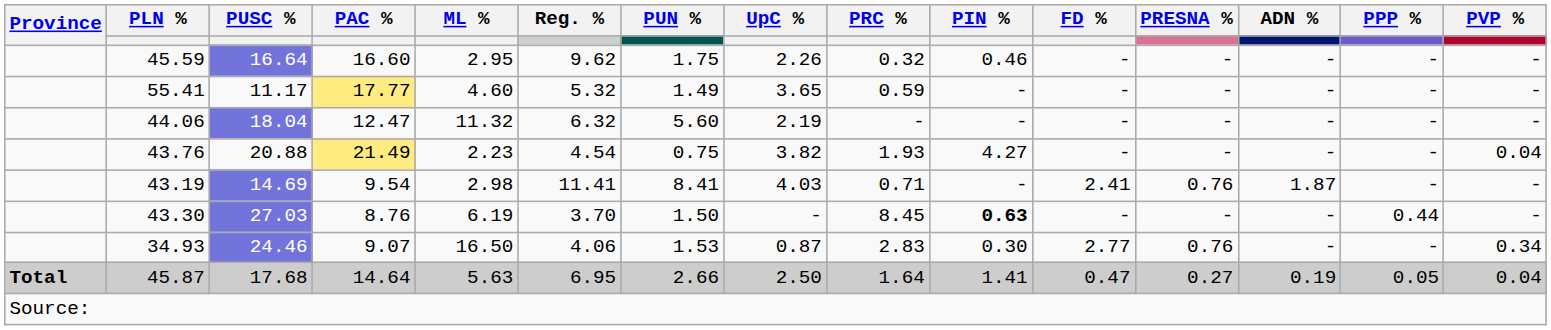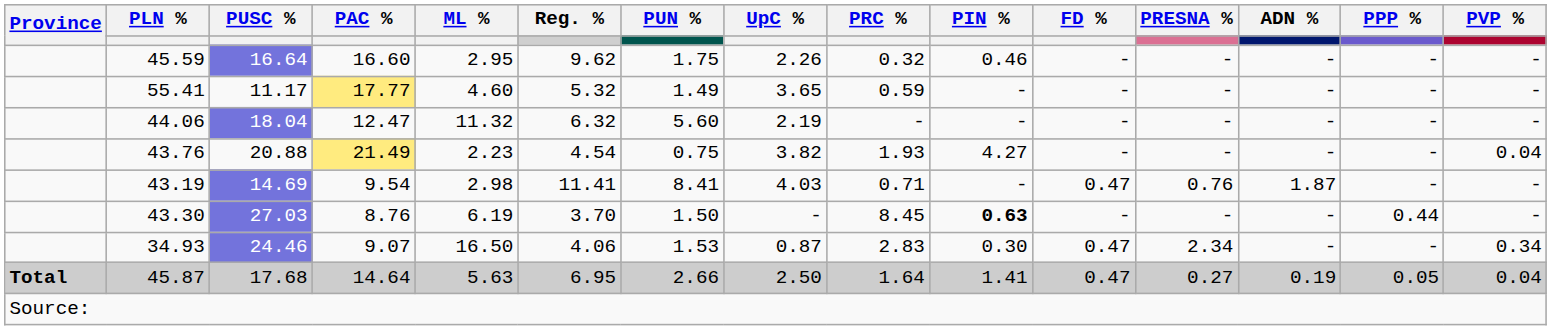 <table class="wikitable sortable" style="text-align:right; font-size:95%">
 <tr>
 <th rowspan=2><a href='#'>Province</a></th>
 <th width=60px><a href='#'>PLN</a> %</th>
 <th width=60px><a href='#'>PUSC</a> %</th>
 <th width=60px><a href='#'>PAC</a> %</th>
 <th width=60px><a href='#'>ML</a> %</th>
 <th width=60px>Reg. %</th>
 <th width=60px><a href='#'>PUN</a> %</th>
 <th width=60px><a href='#'>UpC</a> %</th>
 <th width=60px><a href='#'>PRC</a> %</th>
 <th width=60px><a href='#'>PIN</a> %</th>
 <th width=60px><a href='#'>FD</a> %</th>
 <th width=60px><a href='#'>PRESNA</a> %</th>
 <th width=60px>ADN %</th>
 <th width=60px><a href='#'>PPP</a> %</th>
 <th width=60px><a href='#'>PVP</a> %</th>
 </tr>
 <tr>
 <th style="color:inherit;background:"></th>
 <th style="color:inherit;background:"></th>
 <th style="color:inherit;background:"></th>
 <th style="color:inherit;background:"></th>
 <th style="color:inherit;background:#cfcfcf"></th>
 <th style="color:inherit;background:#00554E"></th>
 <th style="color:inherit;background:"></th>
 <th style="color:inherit;background:"></th>
 <th style="color:inherit;background:"></th>
 <th style="color:inherit;background:"></th>
 <th style="color:inherit;background:#DB7093"></th>
 <th style="color:inherit;background:#00166E"></th>
 <th style="color:inherit;background:SlateBlue"></th>
 <th style="color:inherit;background:#AD0430"></th>
 </tr>
 <tr>
 <td align="left"></td>
 <td style="background:">45.59</td>
 <td style="background:#7373dc; color:white;">16.64</td>
 <td>16.60</td>
 <td>2.95</td>
 <td>9.62</td>
 <td>1.75</td>
 <td>2.26</td>
 <td>0.32</td>
 <td>0.46</td>
 <td>-</td>
 <td>-</td>
 <td>-</td>
 <td>-</td>
 <td>-</td>
 </tr>
 <tr>
 <td align="left"></td>
 <td style="background:">55.41</td>
 <td>11.17</td>
 <td style="background:#FFEB7F; color:black;">17.77</td>
 <td>4.60</td>
 <td>5.32</td>
 <td>1.49</td>
 <td>3.65</td>
 <td>0.59</td>
 <td>-</td>
 <td>-</td>
 <td>-</td>
 <td>-</td>
 <td>-</td>
 <td>-</td>
 </tr>
 <tr>
 <td align="left"></td>
 <td style="background:">44.06</td>
 <td style="background:#7373dc; color:white;">18.04</td>
 <td>12.47</td>
 <td>11.32</td>
 <td>6.32</td>
 <td>5.60</td>
 <td>2.19</td>
 <td>-</td>
 <td>-</td>
 <td>-</td>
 <td>-</td>
 <td>-</td>
 <td>-</td>
 <td>-</td>
 </tr>
 <tr>
 <td align="left"></td>
 <td style="background:">43.76</td>
 <td>20.88</td>
 <td style="background:#FFEB7F; color:black;">21.49</td>
 <td>2.23</td>
 <td>4.54</td>
 <td>0.75</td>
 <td>3.82</td>
 <td>1.93</td>
 <td>4.27</td>
 <td>-</td>
 <td>-</td>
 <td>-</td>
 <td>-</td>
 <td>0.04</td>
 </tr>
 <tr>
 <td align="left"></td>
 <td style="background:">43.19</td>
 <td style="background:#7373dc; color:white;">14.69</td>
 <td>9.54</td>
 <td>2.98</td>
 <td>11.41</td>
 <td>8.41</td>
 <td>4.03</td>
 <td>0.71</td>
 <td>-</td>
-<td>2.41</td>
+<td>0.47</td>
 <td>0.76</td>
 <td>1.87</td>
 <td>-</td>
 <td>-</td>
 </tr>
 <tr>
 <td align="left"></td>
 <td style="background:">43.30</td>
 <td style="background:#7373dc; color:white;">27.03</td>
 <td>8.76</td>
 <td>6.19</td>
 <td>3.70</td>
 <td>1.50</td>
 <td>-</td>
 <td>8.45</td>
 <td><strong>0.63</strong></td>
 <td>-</td>
 <td>-</td>
 <td>-</td>
 <td>0.44</td>
 <td>-</td>
 </tr>
 <tr>
 <td align="left"></td>
 <td style="background:">34.93</td>
 <td style="background:#7373dc; color:white;">24.46</td>
 <td>9.07</td>
 <td>16.50</td>
 <td>4.06</td>
 <td>1.53</td>
 <td>0.87</td>
 <td>2.83</td>
 <td>0.30</td>
-<td>2.77</td>
-<td>0.76</td>
+<td>0.47</td>
+<td>2.34</td>
 <td>-</td>
 <td>-</td>
 <td>0.34</td>
 </tr>
 <tr style="background:#CDCDCD;">
 <td align="left"><strong>Total</strong></td>
 <td style="background:">45.87</td>
 <td>17.68</td>
 <td>14.64</td>
 <td>5.63</td>
 <td>6.95</td>
 <td>2.66</td>
 <td>2.50</td>
 <td>1.64</td>
 <td>1.41</td>
 <td>0.47</td>
 <td>0.27</td>
 <td>0.19</td>
 <td>0.05</td>
 <td>0.04</td>
 </tr>
 <tr>
 <td align=left colspan=16>Source: </td>
 </tr>
 </table>
